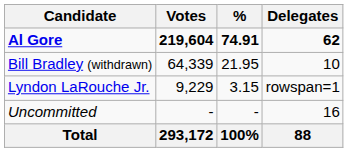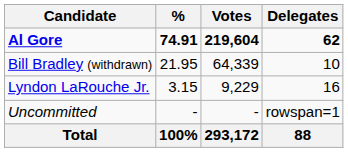 <table class="wikitable sortable" style="text-align:right;">
 <tr>
 <th>Candidate</th>
+<th>%</th>
 <th>Votes</th>
-<th>%</th>
 <th>Delegates</th>
 </tr>
 <tr>
 <td style="text-align:left;" data-sort-value="Gore, Al"><strong><a href='#'>Al Gore</a></strong></td>
+<td><strong>74.91</strong></td>
 <td><strong>219,604</strong></td>
-<td><strong>74.91</strong></td>
 <td><strong>62</strong></td>
 </tr>
 <tr>
 <td style="text-align:left;" data-sort-value="Bradley, Bill"><a href='#'>Bill Bradley</a> <small>(withdrawn)</small></td>
+<td>21.95</td>
 <td>64,339</td>
-<td>21.95</td>
 <td>10</td>
 </tr>
 <tr>
 <td style="text-align:left;" data-sort-value="LaRouche Jr., Lyndon"><a href='#'>Lyndon LaRouche Jr.</a></td>
+<td>3.15</td>
 <td>9,229</td>
-<td>3.15</td>
-<td>rowspan=1 </td>
+<td>16</td>
 </tr>
 <tr>
 <td style="text-align:left;" data-sort-value="ZZZ"><em>Uncommitted</em></td>
 <td>-</td>
 <td>-</td>
-<td>16</td>
+<td>rowspan=1 </td>
 </tr>
 <tr>
 <th>Total</th>
+<th>100%</th>
 <th>293,172</th>
-<th>100%</th>
 <th>88</th>
 </tr>
 </table>
